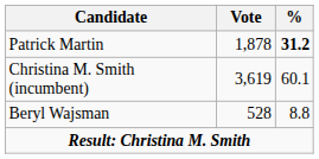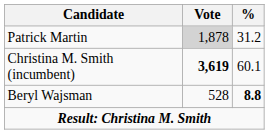 <table class="wikitable">
 <tr>
 <th bgcolor="#DDDDFF" width="200px">Candidate</th>
 <th bgcolor="#DDDDFF" width="50px">Vote</th>
 <th bgcolor="#DDDDFF"  width="30px">%</th>
 </tr>
 <tr>
 <td>Patrick Martin</td>
-<td align="right">1,878</td>
-<td align="right"><strong>31.2</strong></td>
+<td align="right" style="background: lightgrey;">1,878</td>
+<td align="right">31.2</td>
 </tr>
 <tr>
 <td>Christina M. Smith (incumbent)</td>
-<td align="right">3,619</td>
+<td align="right"><strong>3,619</strong></td>
 <td align="right">60.1</td>
 </tr>
 <tr>
 <td>Beryl Wajsman</td>
 <td align="right">528</td>
-<td align="right">8.8</td>
+<td align="right"><strong>8.8</strong></td>
 </tr>
 <tr>
 <td colspan=5 align="center"><strong><em>Result: Christina M. Smith</em></strong></td>
 </tr>
 </table>
